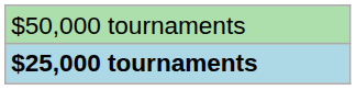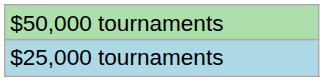 <table class="wikitable"  style="font-size:85%; width:15%;">
 <tr style="background:#addfad;">
 <td>$50,000 tournaments</td>
 </tr>
 <tr style="background:lightblue;">
-<td><strong>$25,000 tournaments</strong></td>
+<td>$25,000 tournaments</td>
 </tr>
 </table>
